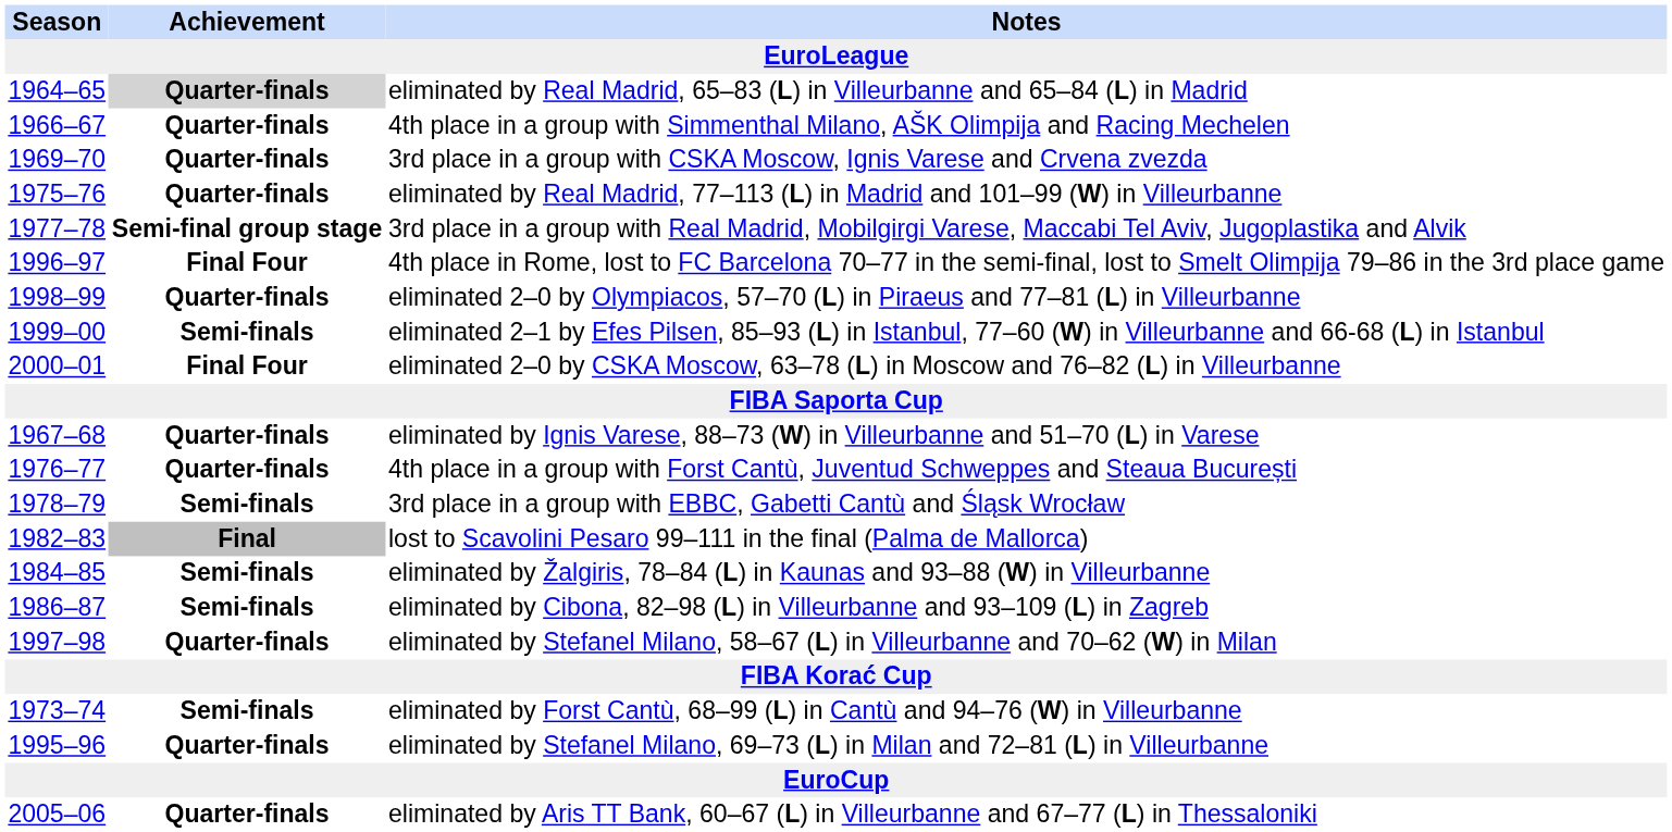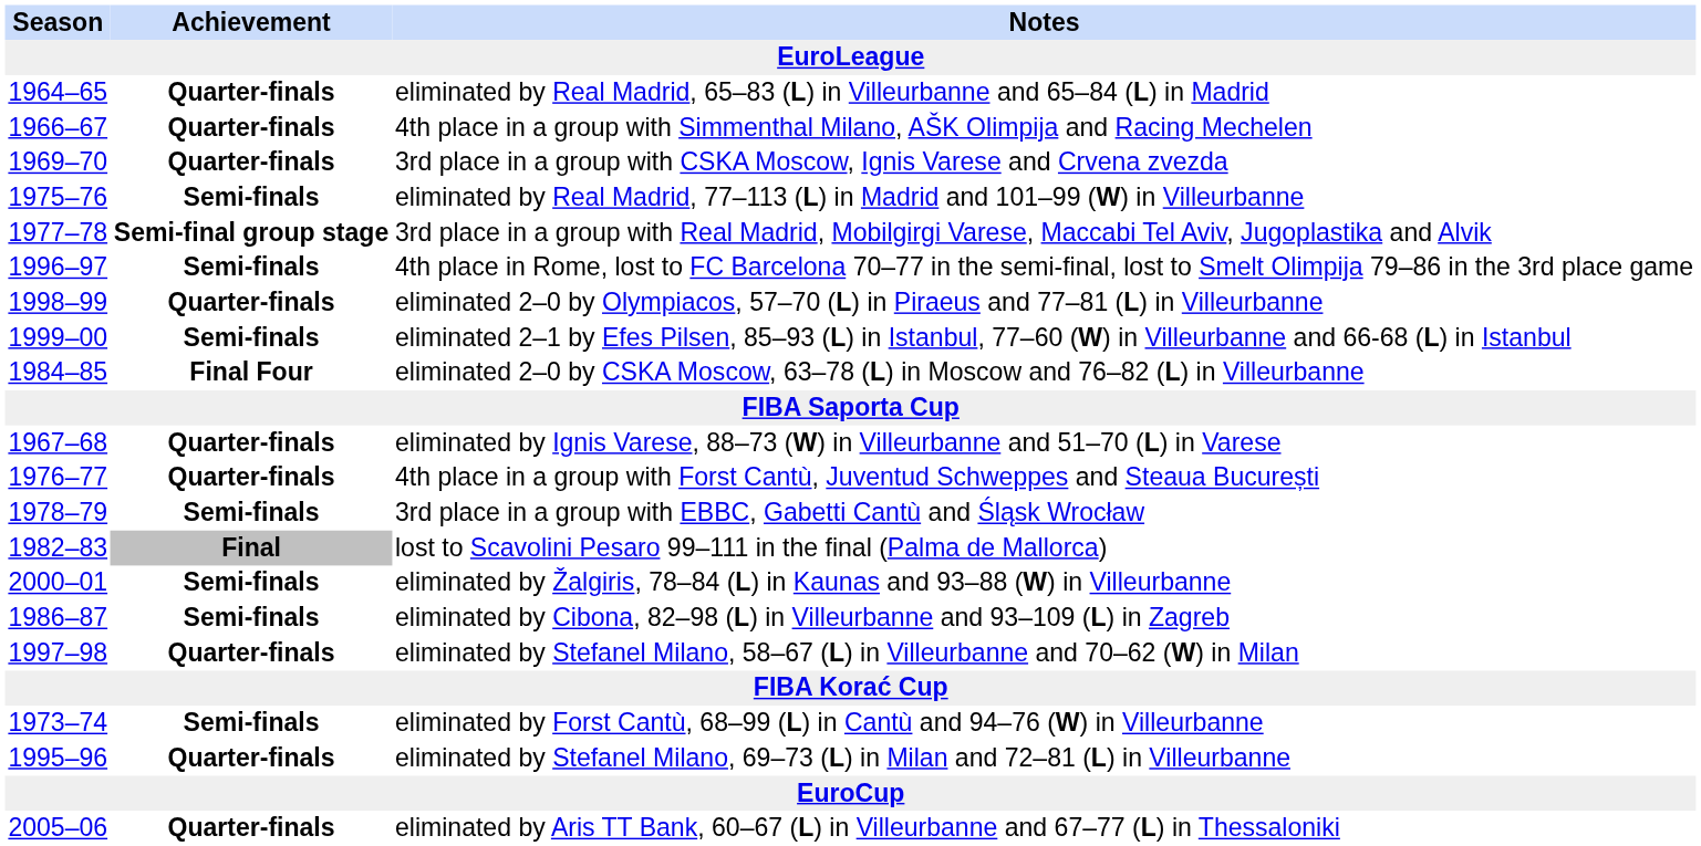 <table class="toccolours" border="0" cellpadding="2" cellspacing="0" style="float:left; margin:0.5em">
 <tr style="background:#cadcfb;">
 <th>Season</th>
 <th>Achievement</th>
 <th>Notes</th>
 </tr>
 <tr>
 <th colspan="4" style="background:#efefef;"><a href='#'>EuroLeague</a></th>
 </tr>
 <tr>
 <td style="text-align:center;"><a href='#'>1964–65</a></td>
-<td style="background: lightgrey; text-align:center;"><strong>Quarter-finals</strong></td>
+<td style="text-align:center;"><strong>Quarter-finals</strong></td>
 <td style="text-align:left;">eliminated by <a href='#'>Real Madrid</a>, 65–83 (<strong>L</strong>) in <a href='#'>Villeurbanne</a> and 65–84 (<strong>L</strong>) in <a href='#'>Madrid</a></td>
 </tr>
 <tr>
 <td style="text-align:center;"><a href='#'>1966–67</a></td>
 <td style="text-align:center;"><strong>Quarter-finals</strong></td>
 <td style="text-align:left;">4th place in a group with <a href='#'>Simmenthal Milano</a>, <a href='#'>AŠK Olimpija</a> and <a href='#'>Racing Mechelen</a></td>
 </tr>
 <tr>
 <td style="text-align:center;"><a href='#'>1969–70</a></td>
 <td style="text-align:center;"><strong>Quarter-finals</strong></td>
 <td style="text-align:left;">3rd place in a group with <a href='#'>CSKA Moscow</a>, <a href='#'>Ignis Varese</a> and <a href='#'>Crvena zvezda</a></td>
 </tr>
 <tr>
 <td style="text-align:center;"><a href='#'>1975–76</a></td>
-<td style="text-align:center;"><strong>Quarter-finals</strong></td>
+<td style="text-align:center;"><strong>Semi-finals</strong></td>
 <td style="text-align:left;">eliminated by <a href='#'>Real Madrid</a>, 77–113 (<strong>L</strong>) in <a href='#'>Madrid</a> and 101–99 (<strong>W</strong>) in <a href='#'>Villeurbanne</a></td>
 </tr>
 <tr>
 <td style="text-align:center;"><a href='#'>1977–78</a></td>
 <td style="text-align:center;"><strong>Semi-final group stage</strong></td>
 <td style="text-align:left;">3rd place in a group with <a href='#'>Real Madrid</a>, <a href='#'>Mobilgirgi Varese</a>, <a href='#'>Maccabi Tel Aviv</a>, <a href='#'>Jugoplastika</a> and <a href='#'>Alvik</a></td>
 </tr>
 <tr>
 <td style="text-align:center;"><a href='#'>1996–97</a></td>
-<td style="text-align:center;"><strong>Final Four</strong></td>
+<td style="text-align:center;"><strong>Semi-finals</strong></td>
 <td style="text-align:left;">4th place in Rome, lost to <a href='#'>FC Barcelona</a> 70–77 in the semi-final, lost to <a href='#'>Smelt Olimpija</a> 79–86 in the 3rd place game</td>
 </tr>
 <tr>
 <td style="text-align:center;"><a href='#'>1998–99</a></td>
 <td style="text-align:center;"><strong>Quarter-finals</strong></td>
 <td style="text-align:left;">eliminated 2–0 by <a href='#'>Olympiacos</a>, 57–70 (<strong>L</strong>) in <a href='#'>Piraeus</a> and 77–81 (<strong>L</strong>) in <a href='#'>Villeurbanne</a></td>
 </tr>
 <tr>
 <td style="text-align:center;"><a href='#'>1999–00</a></td>
 <td style="text-align:center;"><strong>Semi-finals</strong></td>
 <td style="text-align:left;">eliminated 2–1 by <a href='#'>Efes Pilsen</a>, 85–93 (<strong>L</strong>) in <a href='#'>Istanbul</a>, 77–60 (<strong>W</strong>) in <a href='#'>Villeurbanne</a> and 66-68 (<strong>L</strong>) in <a href='#'>Istanbul</a></td>
 </tr>
 <tr>
-<td style="text-align:center;"><a href='#'>2000–01</a></td>
+<td style="text-align:center;"><a href='#'>1984–85</a></td>
 <td style="text-align:center;"><strong>Final Four</strong></td>
 <td style="text-align:left;">eliminated 2–0 by <a href='#'>CSKA Moscow</a>, 63–78 (<strong>L</strong>) in Moscow and 76–82 (<strong>L</strong>) in <a href='#'>Villeurbanne</a></td>
 </tr>
 <tr>
 <th colspan="4" style="background:#efefef;"><a href='#'>FIBA Saporta Cup</a></th>
 </tr>
 <tr>
 <td style="text-align:center;"><a href='#'>1967–68</a></td>
 <td style="text-align:center;"><strong>Quarter-finals</strong></td>
 <td style="text-align:left;">eliminated by <a href='#'>Ignis Varese</a>, 88–73 (<strong>W</strong>) in <a href='#'>Villeurbanne</a> and 51–70 (<strong>L</strong>) in <a href='#'>Varese</a></td>
 </tr>
 <tr>
 <td style="text-align:center;"><a href='#'>1976–77</a></td>
 <td style="text-align:center;"><strong>Quarter-finals</strong></td>
 <td style="text-align:left;">4th place in a group with <a href='#'>Forst Cantù</a>, <a href='#'>Juventud Schweppes</a> and <a href='#'>Steaua București</a></td>
 </tr>
 <tr>
 <td style="text-align:center;"><a href='#'>1978–79</a></td>
 <td style="text-align:center;"><strong>Semi-finals</strong></td>
 <td style="text-align:left;">3rd place in a group with <a href='#'>EBBC</a>, <a href='#'>Gabetti Cantù</a> and <a href='#'>Śląsk Wrocław</a></td>
 </tr>
 <tr>
 <td style="text-align:center;"><a href='#'>1982–83</a></td>
 <td style="text-align:center; background:silver;"><strong>Final</strong></td>
 <td style="text-align:left;">lost to <a href='#'>Scavolini Pesaro</a> 99–111 in the final (<a href='#'>Palma de Mallorca</a>)</td>
 </tr>
 <tr>
-<td style="text-align:center;"><a href='#'>1984–85</a></td>
+<td style="text-align:center;"><a href='#'>2000–01</a></td>
 <td style="text-align:center;"><strong>Semi-finals</strong></td>
 <td style="text-align:left;">eliminated by <a href='#'>Žalgiris</a>, 78–84 (<strong>L</strong>) in <a href='#'>Kaunas</a> and 93–88 (<strong>W</strong>) in <a href='#'>Villeurbanne</a></td>
 </tr>
 <tr>
 <td style="text-align:center;"><a href='#'>1986–87</a></td>
 <td style="text-align:center;"><strong>Semi-finals</strong></td>
 <td style="text-align:left;">eliminated by <a href='#'>Cibona</a>, 82–98 (<strong>L</strong>) in <a href='#'>Villeurbanne</a> and 93–109 (<strong>L</strong>) in <a href='#'>Zagreb</a></td>
 </tr>
 <tr>
 <td style="text-align:center;"><a href='#'>1997–98</a></td>
 <td style="text-align:center;"><strong>Quarter-finals</strong></td>
 <td style="text-align:left;">eliminated by <a href='#'>Stefanel Milano</a>, 58–67 (<strong>L</strong>) in <a href='#'>Villeurbanne</a> and 70–62 (<strong>W</strong>) in <a href='#'>Milan</a></td>
 </tr>
 <tr>
 <th colspan="4" style="background:#efefef;"><a href='#'>FIBA Korać Cup</a></th>
 </tr>
 <tr>
 <td style="text-align:center;"><a href='#'>1973–74</a></td>
 <td style="text-align:center;"><strong>Semi-finals</strong></td>
 <td style="text-align:left;">eliminated by <a href='#'>Forst Cantù</a>, 68–99 (<strong>L</strong>) in <a href='#'>Cantù</a> and 94–76 (<strong>W</strong>) in <a href='#'>Villeurbanne</a></td>
 </tr>
 <tr>
 <td style="text-align:center;"><a href='#'>1995–96</a></td>
 <td style="text-align:center;"><strong>Quarter-finals</strong></td>
 <td style="text-align:left;">eliminated by <a href='#'>Stefanel Milano</a>, 69–73 (<strong>L</strong>) in <a href='#'>Milan</a> and 72–81 (<strong>L</strong>) in <a href='#'>Villeurbanne</a></td>
 </tr>
 <tr>
 <th colspan="4" style="background:#efefef;"><a href='#'>EuroCup</a></th>
 </tr>
 <tr>
 <td style="text-align:center;"><a href='#'>2005–06</a></td>
 <td style="text-align:center;"><strong>Quarter-finals</strong></td>
 <td style="text-align:left;">eliminated by <a href='#'>Aris TT Bank</a>, 60–67 (<strong>L</strong>) in <a href='#'>Villeurbanne</a> and 67–77 (<strong>L</strong>) in <a href='#'>Thessaloniki</a></td>
 </tr>
 </table>
